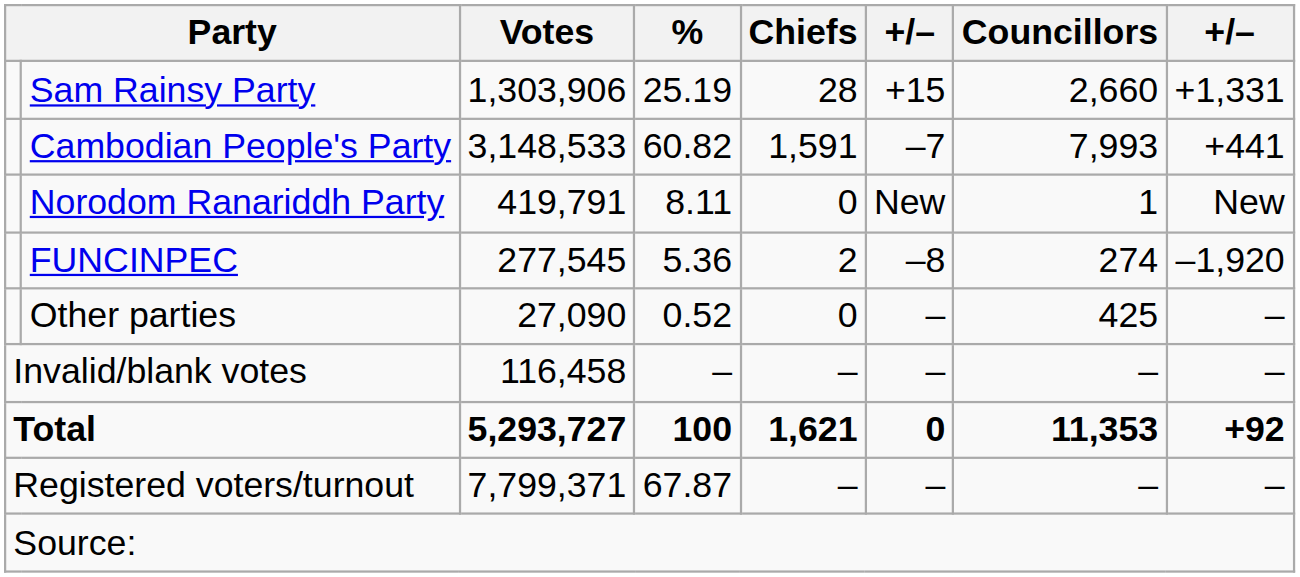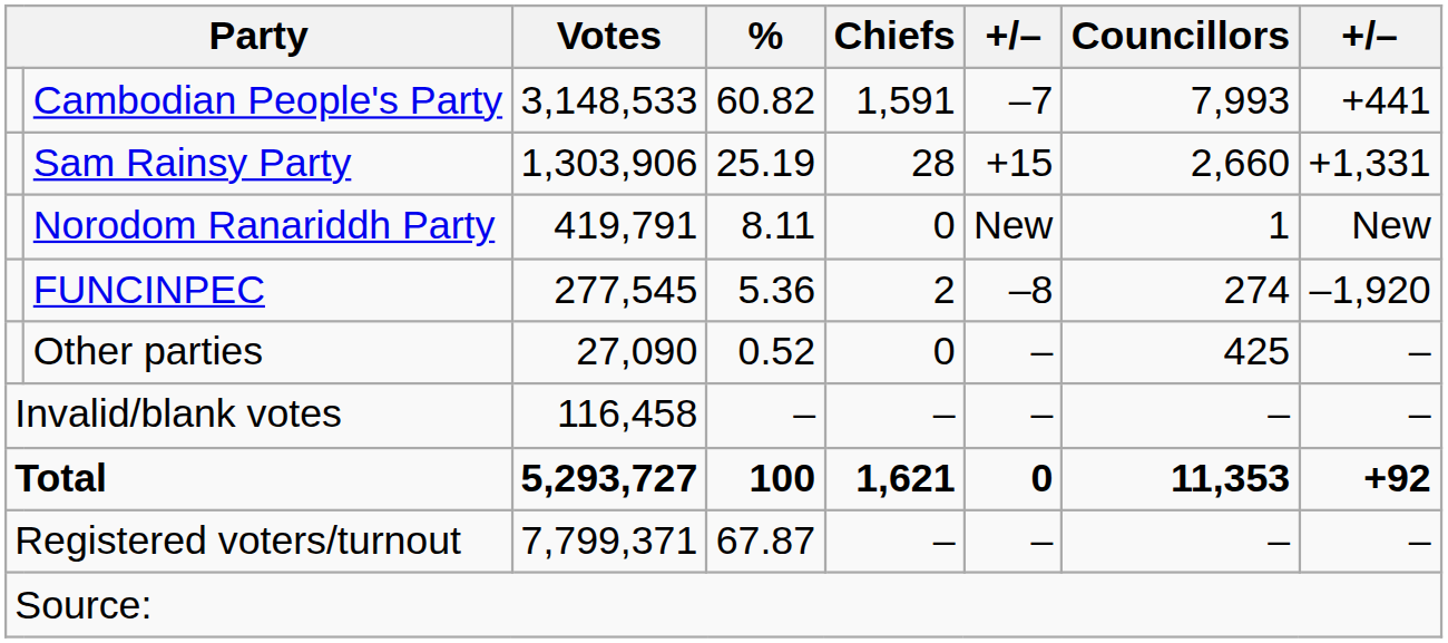 <table class=wikitable style=text-align:right>
 <tr>
 <th colspan=2>Party</th>
 <th>Votes</th>
 <th>%</th>
 <th>Chiefs</th>
 <th>+/–</th>
 <th>Councillors</th>
 <th>+/–</th>
 </tr>
 <tr>
 <td></td>
+<td align=left><a href='#'>Cambodian People's Party</a></td>
+<td>3,148,533</td>
+<td>60.82</td>
+<td>1,591</td>
+<td>–7</td>
+<td>7,993</td>
+<td>+441</td>
+</tr>
+<tr>
+<td></td>
 <td align=left><a href='#'>Sam Rainsy Party</a></td>
 <td>1,303,906</td>
 <td>25.19</td>
 <td>28</td>
 <td>+15</td>
 <td>2,660</td>
 <td>+1,331</td>
-</tr>
-<tr>
-<td></td>
-<td align=left><a href='#'>Cambodian People's Party</a></td>
-<td>3,148,533</td>
-<td>60.82</td>
-<td>1,591</td>
-<td>–7</td>
-<td>7,993</td>
-<td>+441</td>
 </tr>
 <tr>
 <td></td>
 <td align=left><a href='#'>Norodom Ranariddh Party</a></td>
 <td>419,791</td>
 <td>8.11</td>
 <td>0</td>
 <td>New</td>
 <td>1</td>
 <td>New</td>
 </tr>
 <tr>
 <td></td>
 <td align=left><a href='#'>FUNCINPEC</a></td>
 <td>277,545</td>
 <td>5.36</td>
 <td>2</td>
 <td>–8</td>
 <td>274</td>
 <td>–1,920</td>
 </tr>
 <tr>
 <td></td>
 <td align=left>Other parties</td>
 <td>27,090</td>
 <td>0.52</td>
 <td>0</td>
 <td>–</td>
 <td>425</td>
 <td>–</td>
 </tr>
 <tr>
 <td style="text-align:left;" colspan="2">Invalid/blank votes</td>
 <td>116,458</td>
 <td>–</td>
 <td>–</td>
 <td>–</td>
 <td>–</td>
 <td>–</td>
 </tr>
 <tr>
 <td style="text-align:left;" colspan="2"><strong>Total</strong></td>
 <td><strong>5,293,727</strong></td>
 <td><strong>100</strong></td>
 <td><strong>1,621</strong></td>
 <td><strong>0</strong></td>
 <td><strong>11,353</strong></td>
 <td><strong>+92</strong></td>
 </tr>
 <tr>
 <td style="text-align:left;" colspan="2">Registered voters/turnout</td>
 <td>7,799,371</td>
 <td>67.87</td>
 <td>–</td>
 <td>–</td>
 <td>–</td>
 <td>–</td>
 </tr>
 <tr>
 <td style="text-align:left;" colspan="8">Source: </td>
 </tr>
 </table>
